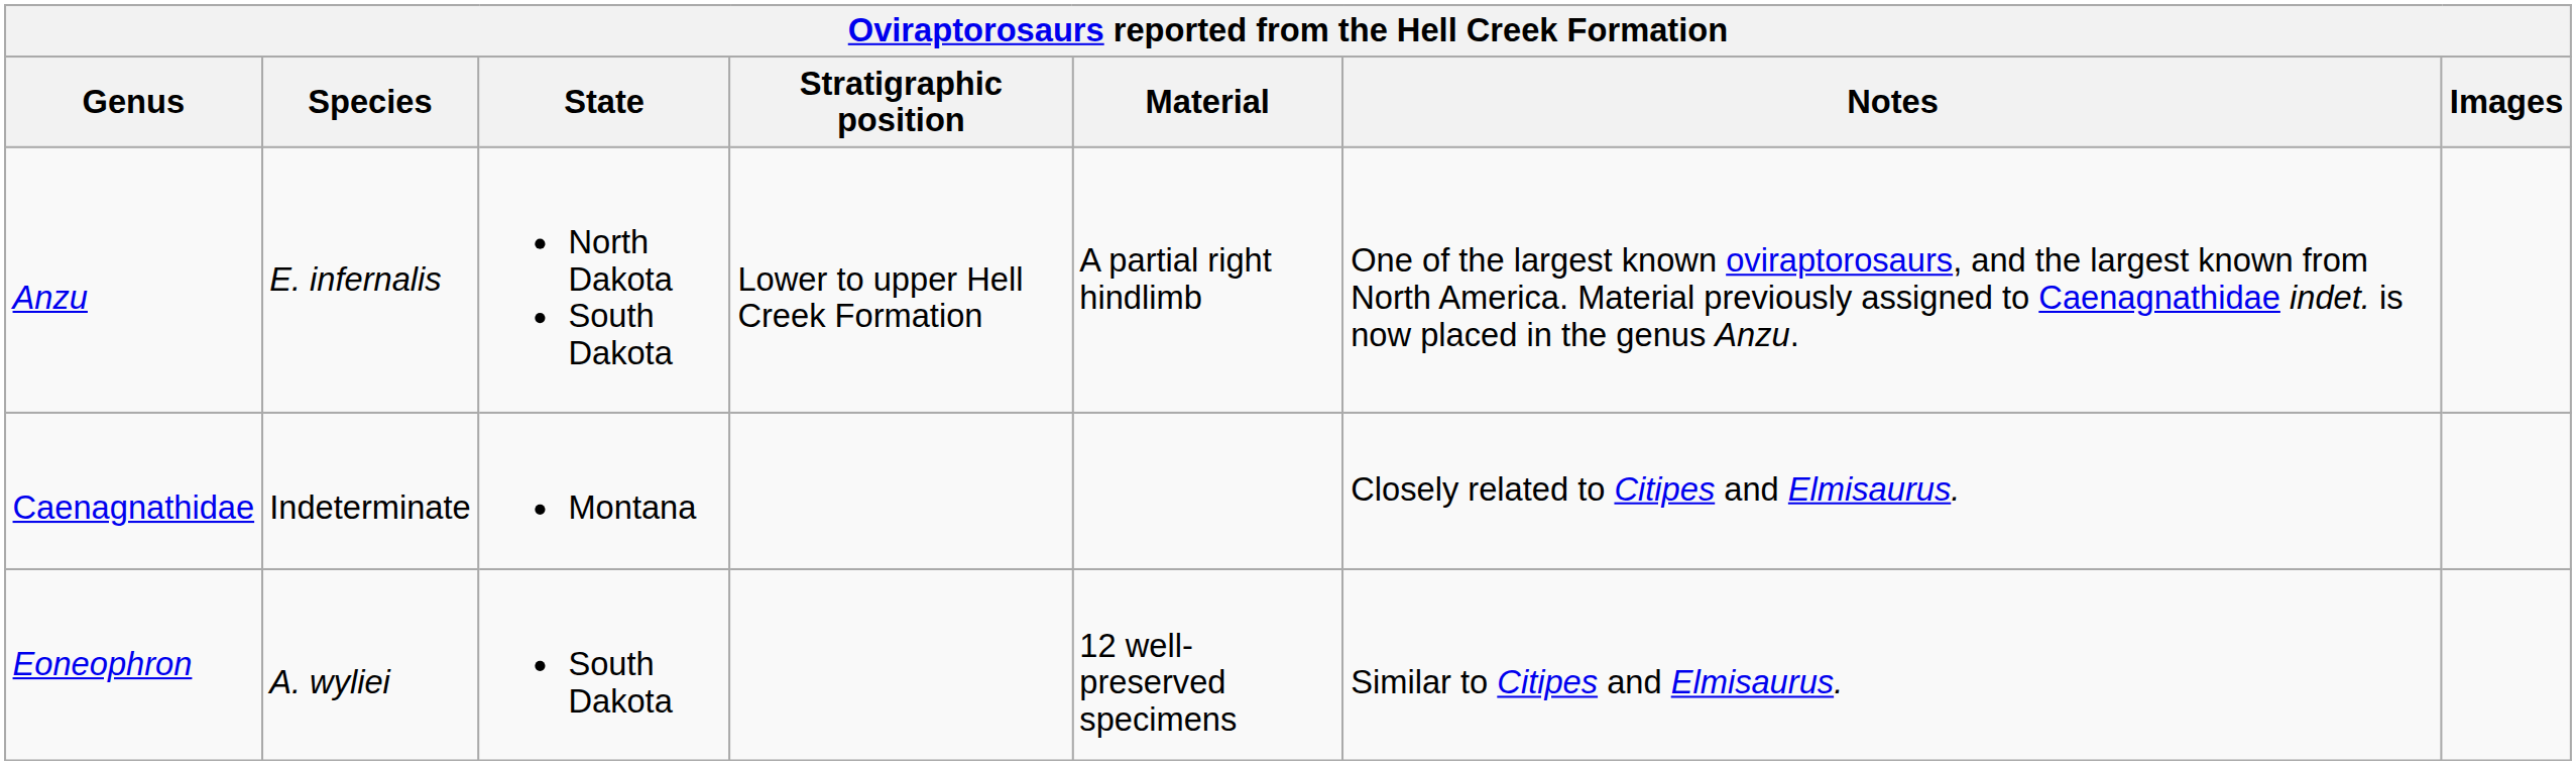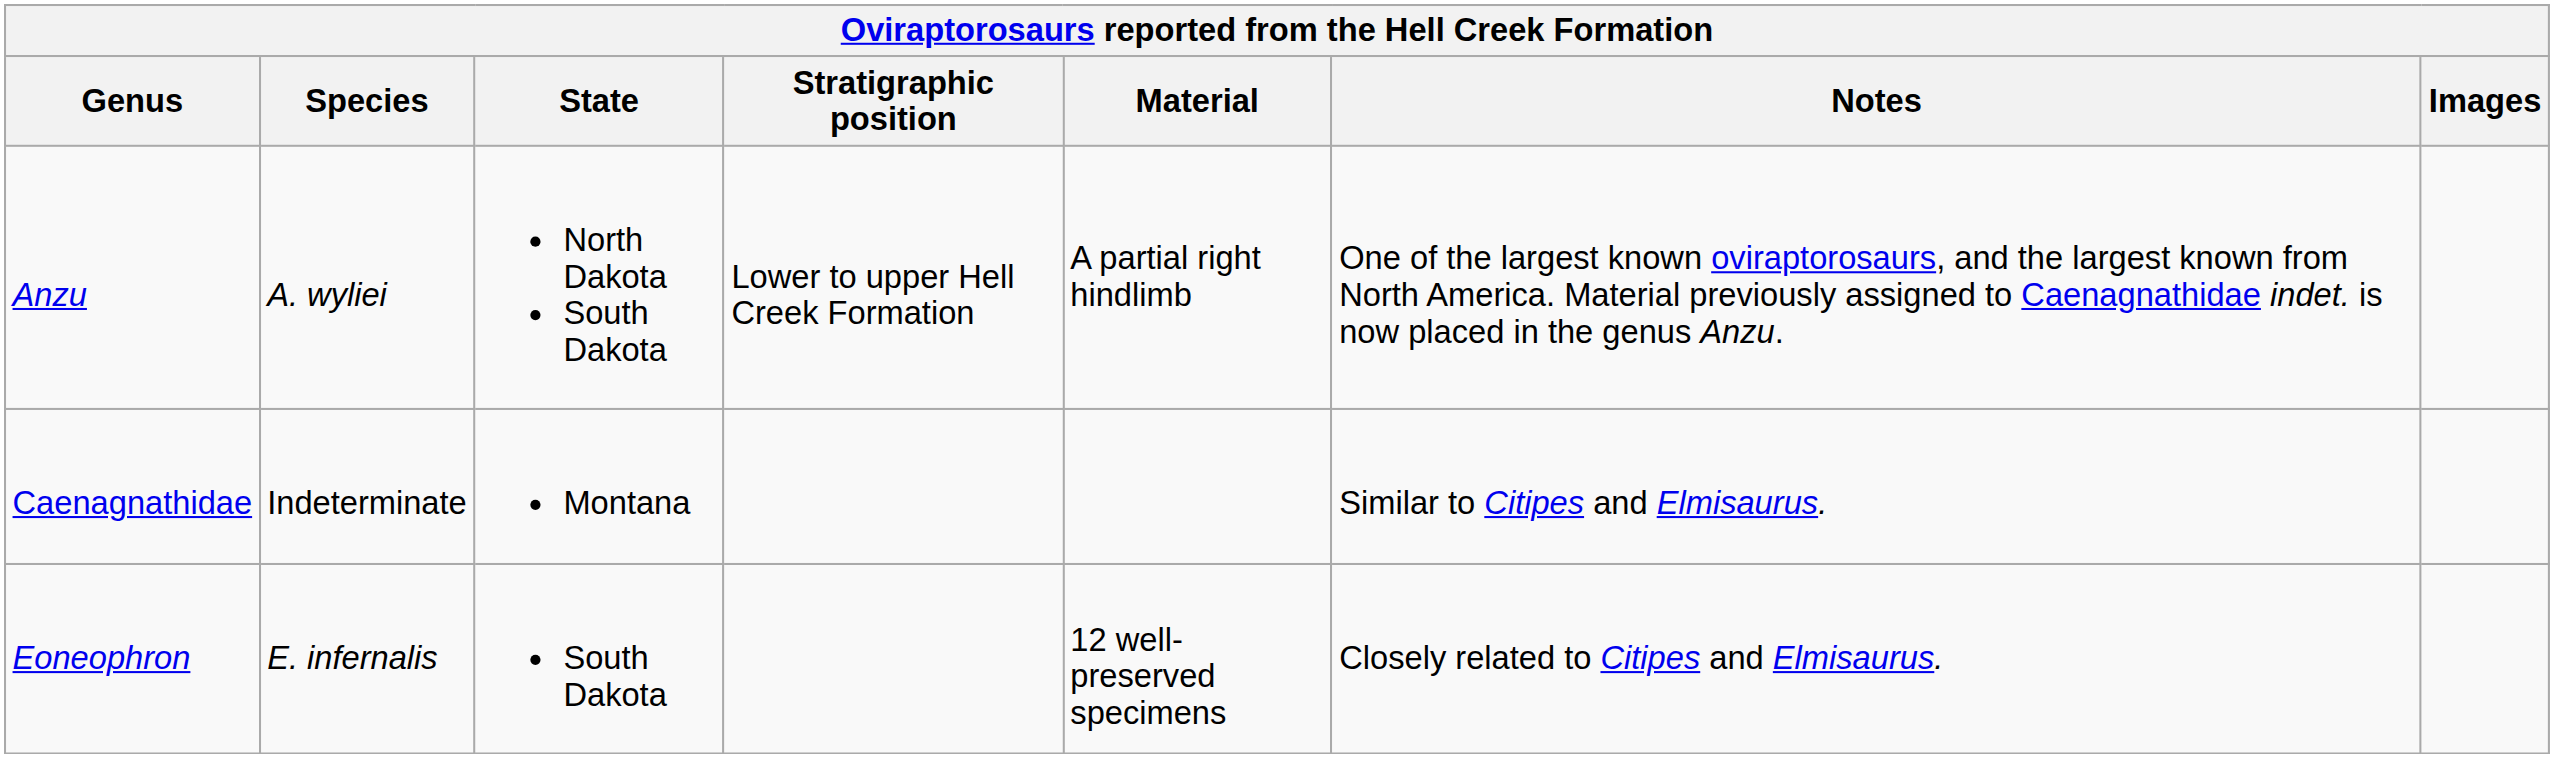 <table class="wikitable sortable mw-collapsible">
 <tr>
 <th colspan="8" style="text-align:center;"><strong><a href='#'>Oviraptorosaurs</a> reported from the Hell Creek Formation</strong></th>
 </tr>
 <tr>
 <th>Genus</th>
 <th>Species</th>
 <th>State</th>
 <th>Stratigraphic position</th>
 <th>Material</th>
 <th>Notes</th>
 <th>Images</th>
 </tr>
 <tr>
 <td><br><em><a href='#'>Anzu</a></em></td>
-<td><em>E. infernalis</em></td>
+<td><br><em>A. wyliei</em></td>
 <td><br><ul><li>North Dakota</li><li>South Dakota</li></ul></td>
 <td><br>Lower to upper Hell Creek Formation</td>
 <td>A partial right hindlimb</td>
 <td><br>One of the largest known <a href='#'>oviraptorosaurs</a>, and the largest known from North America. Material previously assigned to <a href='#'>Caenagnathidae</a> <em>indet.</em> is now placed in the genus <em>Anzu</em>.</td>
 <td><br></td>
 </tr>
 <tr>
 <td><br><a href='#'>Caenagnathidae</a></td>
 <td><br>Indeterminate</td>
 <td><br><ul><li>Montana</li></ul></td>
 <td></td>
 <td></td>
-<td>Closely related to <em><a href='#'>Citipes</a></em> and <em><a href='#'>Elmisaurus</a>.</em></td>
+<td><br>Similar to <em><a href='#'>Citipes</a></em> and <em><a href='#'>Elmisaurus</a>.</em></td>
 <td></td>
 </tr>
 <tr>
 <td><em><a href='#'>Eoneophron</a></em></td>
-<td><br><em>A. wyliei</em></td>
+<td><em>E. infernalis</em></td>
 <td><br><ul><li>South Dakota</li></ul></td>
 <td></td>
 <td><br>12 well-preserved specimens</td>
-<td><br>Similar to <em><a href='#'>Citipes</a></em> and <em><a href='#'>Elmisaurus</a>.</em></td>
+<td>Closely related to <em><a href='#'>Citipes</a></em> and <em><a href='#'>Elmisaurus</a>.</em></td>
 <td></td>
 </tr>
 <tr>
 </tr>
 </table>
